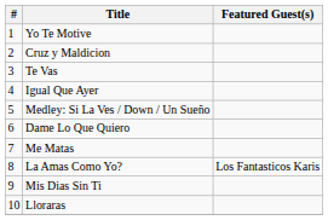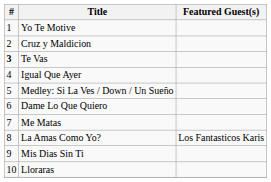 <table class="wikitable">
 <tr>
 <th>#</th>
 <th>Title</th>
 <th>Featured Guest(s)</th>
 </tr>
 <tr>
 <td>1</td>
 <td>Yo Te Motive</td>
 <td></td>
 </tr>
 <tr>
 <td>2</td>
 <td>Cruz y Maldicion</td>
 <td></td>
 </tr>
 <tr>
-<td>3</td>
+<td><strong>3</strong></td>
 <td>Te Vas</td>
 <td></td>
 </tr>
 <tr>
 <td>4</td>
 <td>Igual Que Ayer</td>
 <td></td>
 </tr>
 <tr>
 <td>5</td>
 <td>Medley: Si La Ves / Down / Un Sueño</td>
 <td></td>
 </tr>
 <tr>
 <td>6</td>
 <td>Dame Lo Que Quiero</td>
 <td></td>
 </tr>
 <tr>
 <td>7</td>
 <td>Me Matas</td>
 <td></td>
 </tr>
 <tr>
 <td>8</td>
 <td>La Amas Como Yo?</td>
 <td>Los Fantasticos Karis</td>
 </tr>
 <tr>
 <td>9</td>
 <td>Mis Dias Sin Ti</td>
 <td></td>
 </tr>
 <tr>
 <td>10</td>
 <td>Lloraras</td>
 <td></td>
 </tr>
 <tr>
 </tr>
 </table>
